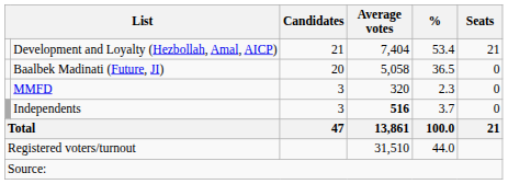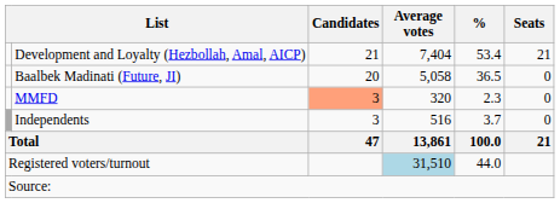 <table class="wikitable sortable" style="text-align:right">
 <tr>
 <th colspan="2" scope="col">List</th>
 <th>Candidates</th>
 <th scope="col">Average votes</th>
 <th scope="col">%</th>
 <th scope="col">Seats</th>
 </tr>
 <tr>
 <td rowspan="1" style="background-color:"></td>
 <td style="text-align:left;">Development and Loyalty (<a href='#'>Hezbollah</a>, <a href='#'>Amal</a>, <a href='#'>AICP</a>)</td>
 <td>21</td>
 <td>7,404</td>
 <td>53.4</td>
 <td>21</td>
 </tr>
 <tr>
 <td rowspan="1" style="background-color:"></td>
 <td style="text-align:left;">Baalbek Madinati (<a href='#'>Future</a>, <a href='#'>JI</a>)</td>
 <td>20</td>
 <td>5,058</td>
 <td>36.5</td>
 <td>0</td>
 </tr>
 <tr>
 <td rowspan="1" style="background-color:"></td>
 <td style="text-align:left;"><a href='#'>MMFD</a></td>
-<td>3</td>
+<td style="background: lightsalmon;">3</td>
 <td>320</td>
 <td>2.3</td>
 <td>0</td>
 </tr>
 <tr>
 <td rowspan="1" style="background-color:darkgrey"></td>
 <td style="text-align:left;">Independents</td>
 <td>3</td>
-<td><strong>516</strong></td>
+<td>516</td>
 <td>3.7</td>
 <td>0</td>
 </tr>
 <tr>
 <th colspan="2" style="text-align:left;width:200px">Total</th>
 <th style="text-align:right;width:50px">47</th>
 <th style="text-align:right;width:75px">13,861</th>
 <th style="text-align:right;width:50px">100.0</th>
 <th style="text-align:right;width:50px">21</th>
 </tr>
 <tr>
 <td colspan="2" style="text-align:left;width:200px">Registered voters/turnout</td>
 <td></td>
-<td style="text-align:right;width:75px">31,510</td>
+<td style="background: lightblue; text-align:right;width:75px">31,510</td>
 <td style="text-align:right;width:50px">44.0</td>
 <td style="text-align:right;width:50px"></td>
 </tr>
 <tr>
 <td colspan="6" style="text-align:left;">Source: </td>
 </tr>
 </table>
